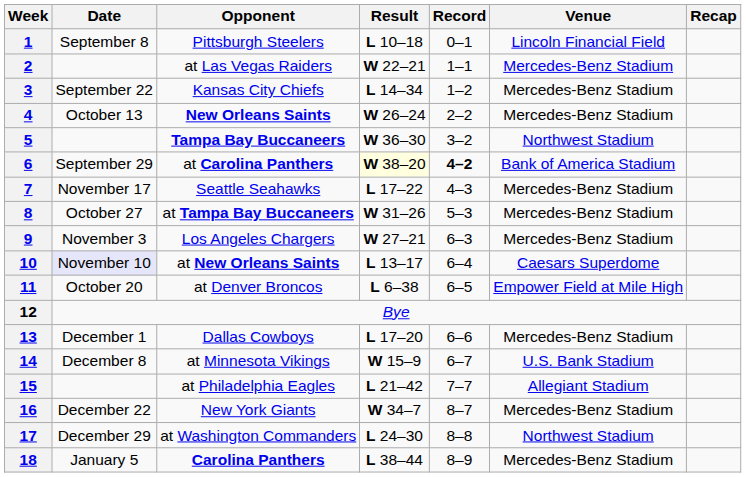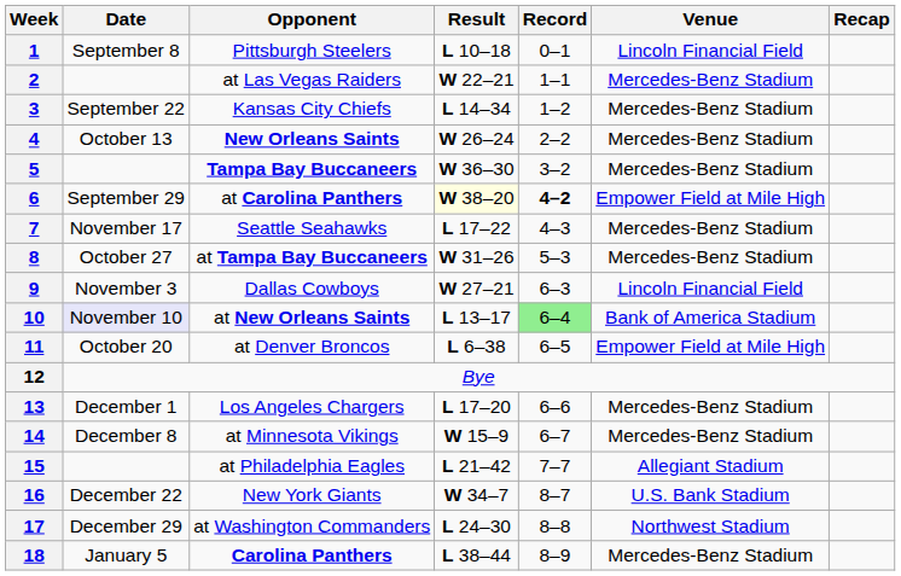 <table class="wikitable" style="text-align:center">
 <tr>
 <th>Week</th>
 <th>Date</th>
 <th>Opponent</th>
 <th>Result</th>
 <th>Record</th>
 <th>Venue</th>
 <th>Recap</th>
 </tr>
 <tr>
 <th><a href='#'>1</a></th>
 <td>September 8</td>
 <td><a href='#'>Pittsburgh Steelers</a></td>
 <td><strong>L</strong> 10–18</td>
 <td>0–1</td>
 <td><a href='#'>Lincoln Financial Field</a></td>
 <td></td>
 </tr>
 <tr>
 <th><a href='#'>2</a></th>
 <td></td>
 <td>at <a href='#'>Las Vegas Raiders</a></td>
 <td><strong>W</strong> 22–21</td>
 <td>1–1</td>
 <td><a href='#'>Mercedes-Benz Stadium</a></td>
 <td></td>
 </tr>
 <tr>
 <th><a href='#'>3</a></th>
 <td>September 22</td>
 <td><a href='#'>Kansas City Chiefs</a></td>
 <td><strong>L</strong> 14–34</td>
 <td>1–2</td>
 <td>Mercedes-Benz Stadium</td>
 <td></td>
 </tr>
 <tr>
 <th><a href='#'>4</a></th>
 <td>October 13</td>
 <td><strong><a href='#'>New Orleans Saints</a></strong></td>
 <td><strong>W</strong> 26–24</td>
 <td>2–2</td>
 <td>Mercedes-Benz Stadium</td>
 <td></td>
 </tr>
 <tr>
 <th><a href='#'>5</a></th>
 <td></td>
 <td><strong><a href='#'>Tampa Bay Buccaneers</a></strong></td>
 <td><strong>W</strong> 36–30 </td>
 <td>3–2</td>
-<td><a href='#'>Northwest Stadium</a></td>
+<td>Mercedes-Benz Stadium</td>
 <td></td>
 </tr>
 <tr>
 <th><a href='#'>6</a></th>
 <td>September 29</td>
 <td>at <strong><a href='#'>Carolina Panthers</a></strong></td>
 <td style="background: lightyellow;"><strong>W</strong> 38–20</td>
 <td><strong>4–2</strong></td>
-<td><a href='#'>Bank of America Stadium</a></td>
+<td><a href='#'>Empower Field at Mile High</a></td>
 <td></td>
 </tr>
 <tr>
 <th><a href='#'>7</a></th>
 <td>November 17</td>
 <td><a href='#'>Seattle Seahawks</a></td>
 <td><strong>L</strong> 17–22</td>
 <td>4–3</td>
 <td>Mercedes-Benz Stadium</td>
 <td></td>
 </tr>
 <tr>
 <th><a href='#'>8</a></th>
 <td>October 27</td>
 <td>at <strong><a href='#'>Tampa Bay Buccaneers</a></strong></td>
 <td><strong>W</strong> 31–26</td>
 <td>5–3</td>
 <td>Mercedes-Benz Stadium</td>
 <td></td>
 </tr>
 <tr>
 <th><a href='#'>9</a></th>
 <td>November 3</td>
-<td><a href='#'>Los Angeles Chargers</a></td>
+<td><a href='#'>Dallas Cowboys</a></td>
 <td><strong>W</strong> 27–21</td>
 <td>6–3</td>
-<td>Mercedes-Benz Stadium</td>
+<td><a href='#'>Lincoln Financial Field</a></td>
 <td></td>
 </tr>
 <tr>
 <th><a href='#'>10</a></th>
 <td style="background: lavender;">November 10</td>
 <td>at <strong><a href='#'>New Orleans Saints</a></strong></td>
 <td><strong>L</strong> 13–17</td>
-<td>6–4</td>
-<td><a href='#'>Caesars Superdome</a></td>
+<td style="background: lightgreen;">6–4</td>
+<td><a href='#'>Bank of America Stadium</a></td>
 <td></td>
 </tr>
 <tr>
 <th><a href='#'>11</a></th>
 <td>October 20</td>
 <td>at <a href='#'>Denver Broncos</a></td>
 <td><strong>L</strong> 6–38</td>
 <td>6–5</td>
 <td><a href='#'>Empower Field at Mile High</a></td>
 <td></td>
 </tr>
 <tr>
 <th>12</th>
 <td colspan=8><em><a href='#'>Bye</a></em></td>
 </tr>
 <tr>
 <th><a href='#'>13</a></th>
 <td>December 1</td>
-<td><a href='#'>Dallas Cowboys</a></td>
+<td><a href='#'>Los Angeles Chargers</a></td>
 <td><strong>L</strong> 17–20</td>
 <td>6–6</td>
 <td>Mercedes-Benz Stadium</td>
 <td></td>
 </tr>
 <tr>
 <th><a href='#'>14</a></th>
 <td>December 8</td>
 <td>at <a href='#'>Minnesota Vikings</a></td>
 <td><strong>W</strong> 15–9</td>
 <td>6–7</td>
-<td><a href='#'>U.S. Bank Stadium</a></td>
+<td>Mercedes-Benz Stadium</td>
 <td></td>
 </tr>
 <tr>
 <th><a href='#'>15</a></th>
 <td></td>
 <td>at <a href='#'>Philadelphia Eagles</a></td>
 <td><strong>L</strong> 21–42</td>
 <td>7–7</td>
 <td><a href='#'>Allegiant Stadium</a></td>
 <td></td>
 </tr>
 <tr>
 <th><a href='#'>16</a></th>
 <td>December 22</td>
 <td><a href='#'>New York Giants</a></td>
 <td><strong>W</strong> 34–7</td>
 <td>8–7</td>
-<td>Mercedes-Benz Stadium</td>
+<td><a href='#'>U.S. Bank Stadium</a></td>
 <td></td>
 </tr>
 <tr>
 <th><a href='#'>17</a></th>
 <td>December 29</td>
 <td>at <a href='#'>Washington Commanders</a></td>
 <td><strong>L</strong> 24–30 </td>
 <td>8–8</td>
 <td><a href='#'>Northwest Stadium</a></td>
 <td></td>
 </tr>
 <tr>
 <th><a href='#'>18</a></th>
 <td>January 5</td>
 <td><strong><a href='#'>Carolina Panthers</a></strong></td>
 <td><strong>L</strong> 38–44 </td>
 <td>8–9</td>
 <td>Mercedes-Benz Stadium</td>
 <td></td>
 </tr>
 </table>
